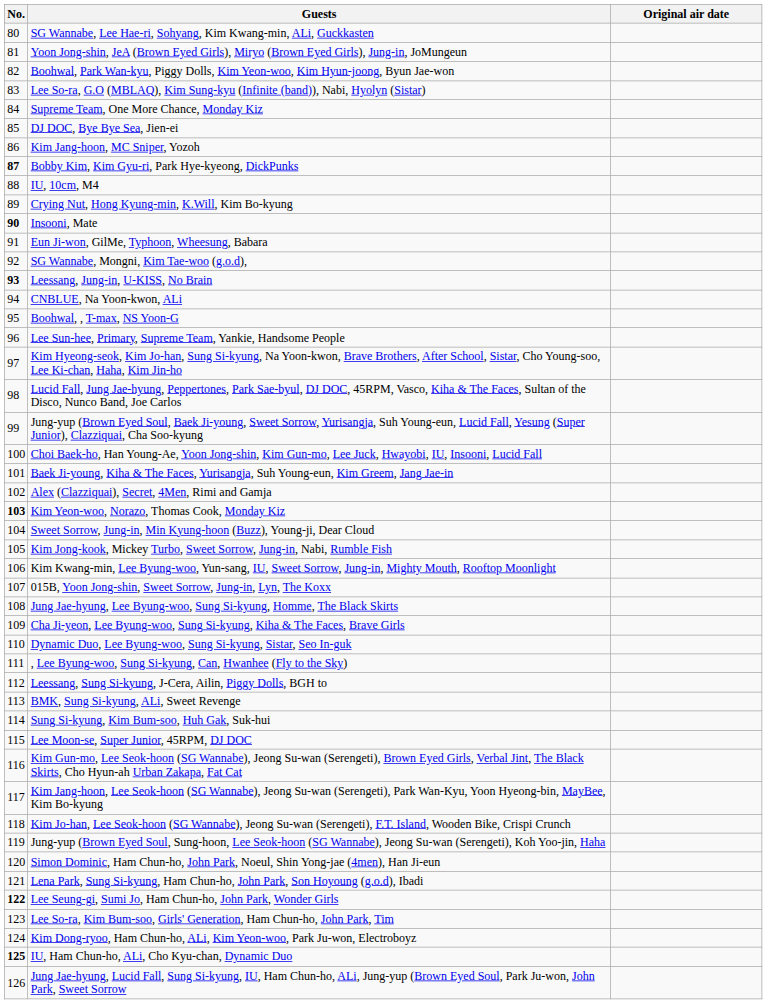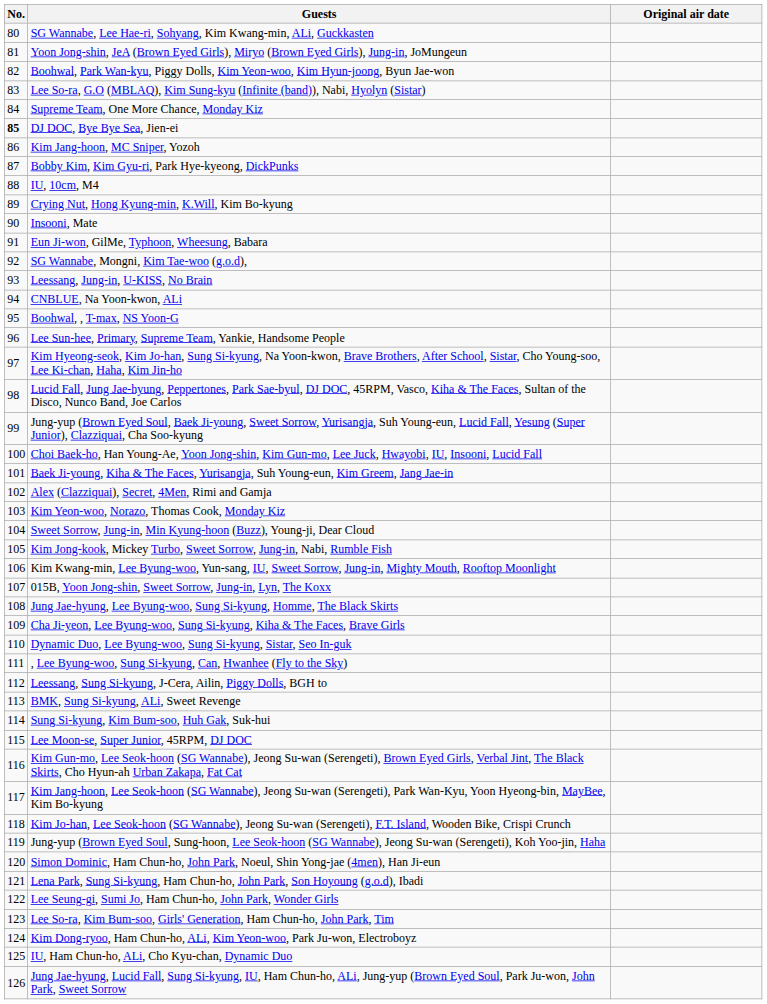 <table class="wikitable" style="width:80%; style="text-align:center" margin:auto; background:#FFFFFF;">
 <tr>
 <th>No.</th>
 <th>Guests</th>
 <th width="20%">Original air date</th>
 </tr>
 <tr>
 <td>80</td>
 <td><a href='#'>SG Wannabe</a>, <a href='#'>Lee Hae-ri</a>, <a href='#'>Sohyang</a>, Kim Kwang-min, <a href='#'>ALi</a>, <a href='#'>Guckkasten</a></td>
 <td></td>
 </tr>
 <tr>
 <td>81</td>
 <td><a href='#'>Yoon Jong-shin</a>, <a href='#'>JeA</a> (<a href='#'>Brown Eyed Girls</a>), <a href='#'>Miryo</a> (<a href='#'>Brown Eyed Girls</a>), <a href='#'>Jung-in</a>, JoMungeun</td>
 <td></td>
 </tr>
 <tr>
 <td>82</td>
 <td><a href='#'>Boohwal</a>, <a href='#'>Park Wan-kyu</a>, Piggy Dolls, <a href='#'>Kim Yeon-woo</a>, <a href='#'>Kim Hyun-joong</a>, Byun Jae-won</td>
 <td></td>
 </tr>
 <tr>
 <td>83</td>
 <td><a href='#'>Lee So-ra</a>, <a href='#'>G.O</a> (<a href='#'>MBLAQ</a>), <a href='#'>Kim Sung-kyu</a> (<a href='#'>Infinite (band)</a>), Nabi, <a href='#'>Hyolyn</a> (<a href='#'>Sistar</a>)</td>
 <td></td>
 </tr>
 <tr>
 <td>84</td>
 <td><a href='#'>Supreme Team</a>, One More Chance, <a href='#'>Monday Kiz</a></td>
 <td></td>
 </tr>
 <tr>
-<td>85</td>
+<td><strong>85</strong></td>
 <td><a href='#'>DJ DOC</a>, <a href='#'>Bye Bye Sea</a>, Jien-ei</td>
 <td></td>
 </tr>
 <tr>
 <td>86</td>
 <td><a href='#'>Kim Jang-hoon</a>, <a href='#'>MC Sniper</a>, Yozoh</td>
 <td></td>
 </tr>
 <tr>
-<td><strong>87</strong></td>
+<td>87</td>
 <td><a href='#'>Bobby Kim</a>, <a href='#'>Kim Gyu-ri</a>, Park Hye-kyeong, <a href='#'>DickPunks</a></td>
 <td></td>
 </tr>
 <tr>
 <td>88</td>
 <td><a href='#'>IU</a>, <a href='#'>10cm</a>, M4</td>
 <td></td>
 </tr>
 <tr>
 <td>89</td>
 <td><a href='#'>Crying Nut</a>, <a href='#'>Hong Kyung-min</a>, <a href='#'>K.Will</a>, Kim Bo-kyung</td>
 <td></td>
 </tr>
 <tr>
-<td><strong>90</strong></td>
+<td>90</td>
 <td><a href='#'>Insooni</a>, Mate</td>
 <td></td>
 </tr>
 <tr>
 <td>91</td>
 <td><a href='#'>Eun Ji-won</a>, GilMe, <a href='#'>Typhoon</a>, <a href='#'>Wheesung</a>, Babara</td>
 <td></td>
 </tr>
 <tr>
 <td>92</td>
 <td><a href='#'>SG Wannabe</a>, Mongni, <a href='#'>Kim Tae-woo</a> (<a href='#'>g.o.d</a>),</td>
 <td></td>
 </tr>
 <tr>
-<td><strong>93</strong></td>
+<td>93</td>
 <td><a href='#'>Leessang</a>, <a href='#'>Jung-in</a>, <a href='#'>U-KISS</a>, <a href='#'>No Brain</a></td>
 <td></td>
 </tr>
 <tr>
 <td>94</td>
 <td><a href='#'>CNBLUE</a>, Na Yoon-kwon, <a href='#'>ALi</a></td>
 <td></td>
 </tr>
 <tr>
 <td>95</td>
 <td><a href='#'>Boohwal</a>, , <a href='#'>T-max</a>, <a href='#'>NS Yoon-G</a></td>
 <td></td>
 </tr>
 <tr>
 <td>96</td>
 <td><a href='#'>Lee Sun-hee</a>, <a href='#'>Primary</a>, <a href='#'>Supreme Team</a>, Yankie, Handsome People</td>
 <td></td>
 </tr>
 <tr>
 <td>97</td>
 <td><a href='#'>Kim Hyeong-seok</a>, <a href='#'>Kim Jo-han</a>, <a href='#'>Sung Si-kyung</a>, Na Yoon-kwon, <a href='#'>Brave Brothers</a>, <a href='#'>After School</a>, <a href='#'>Sistar</a>, Cho Young-soo, <a href='#'>Lee Ki-chan</a>, <a href='#'>Haha</a>, <a href='#'>Kim Jin-ho</a></td>
 <td></td>
 </tr>
 <tr>
 <td>98</td>
 <td><a href='#'>Lucid Fall</a>, <a href='#'>Jung Jae-hyung</a>, <a href='#'>Peppertones</a>, <a href='#'>Park Sae-byul</a>, <a href='#'>DJ DOC</a>, 45RPM, Vasco, <a href='#'>Kiha & The Faces</a>, Sultan of the Disco, Nunco Band, Joe Carlos</td>
 <td></td>
 </tr>
 <tr>
 <td>99</td>
 <td>Jung-yup (<a href='#'>Brown Eyed Soul</a>, <a href='#'>Baek Ji-young</a>, <a href='#'>Sweet Sorrow</a>, <a href='#'>Yurisangja</a>, Suh Young-eun, <a href='#'>Lucid Fall</a>, <a href='#'>Yesung</a> (<a href='#'>Super Junior</a>), <a href='#'>Clazziquai</a>, Cha Soo-kyung</td>
 <td></td>
 </tr>
 <tr>
 <td>100</td>
 <td><a href='#'>Choi Baek-ho</a>, Han Young-Ae, <a href='#'>Yoon Jong-shin</a>, <a href='#'>Kim Gun-mo</a>, <a href='#'>Lee Juck</a>, <a href='#'>Hwayobi</a>, <a href='#'>IU</a>, <a href='#'>Insooni</a>, <a href='#'>Lucid Fall</a></td>
 <td></td>
 </tr>
 <tr>
 <td>101</td>
 <td><a href='#'>Baek Ji-young</a>, <a href='#'>Kiha & The Faces</a>, <a href='#'>Yurisangja</a>, Suh Young-eun, <a href='#'>Kim Greem</a>, <a href='#'>Jang Jae-in</a></td>
 <td></td>
 </tr>
 <tr>
 <td>102</td>
 <td><a href='#'>Alex</a> (<a href='#'>Clazziquai</a>), <a href='#'>Secret</a>, <a href='#'>4Men</a>, Rimi and Gamja</td>
 <td></td>
 </tr>
 <tr>
-<td><strong>103</strong></td>
+<td>103</td>
 <td><a href='#'>Kim Yeon-woo</a>, <a href='#'>Norazo</a>, Thomas Cook, <a href='#'>Monday Kiz</a></td>
 <td></td>
 </tr>
 <tr>
 <td>104</td>
 <td><a href='#'>Sweet Sorrow</a>, <a href='#'>Jung-in</a>, <a href='#'>Min Kyung-hoon</a> (<a href='#'>Buzz</a>), Young-ji, Dear Cloud</td>
 <td></td>
 </tr>
 <tr>
 <td>105</td>
 <td><a href='#'>Kim Jong-kook</a>, Mickey <a href='#'>Turbo</a>, <a href='#'>Sweet Sorrow</a>, <a href='#'>Jung-in</a>, Nabi, <a href='#'>Rumble Fish</a></td>
 <td></td>
 </tr>
 <tr>
 <td>106</td>
 <td>Kim Kwang-min, <a href='#'>Lee Byung-woo</a>, Yun-sang, <a href='#'>IU</a>, <a href='#'>Sweet Sorrow</a>, <a href='#'>Jung-in</a>, <a href='#'>Mighty Mouth</a>, <a href='#'>Rooftop Moonlight</a></td>
 <td></td>
 </tr>
 <tr>
 <td>107</td>
 <td>015B, <a href='#'>Yoon Jong-shin</a>, <a href='#'>Sweet Sorrow</a>, <a href='#'>Jung-in</a>, <a href='#'>Lyn</a>, <a href='#'>The Koxx</a></td>
 <td></td>
 </tr>
 <tr>
 <td>108</td>
 <td><a href='#'>Jung Jae-hyung</a>, <a href='#'>Lee Byung-woo</a>, <a href='#'>Sung Si-kyung</a>, <a href='#'>Homme</a>, <a href='#'>The Black Skirts</a></td>
 <td></td>
 </tr>
 <tr>
 <td>109</td>
 <td><a href='#'>Cha Ji-yeon</a>, <a href='#'>Lee Byung-woo</a>, <a href='#'>Sung Si-kyung</a>, <a href='#'>Kiha & The Faces</a>, <a href='#'>Brave Girls</a></td>
 <td></td>
 </tr>
 <tr>
 <td>110</td>
 <td><a href='#'>Dynamic Duo</a>, <a href='#'>Lee Byung-woo</a>, <a href='#'>Sung Si-kyung</a>, <a href='#'>Sistar</a>, <a href='#'>Seo In-guk</a></td>
 <td></td>
 </tr>
 <tr>
 <td>111</td>
 <td>, <a href='#'>Lee Byung-woo</a>, <a href='#'>Sung Si-kyung</a>, <a href='#'>Can</a>, <a href='#'>Hwanhee</a> (<a href='#'>Fly to the Sky</a>)</td>
 <td></td>
 </tr>
 <tr>
 <td>112</td>
 <td><a href='#'>Leessang</a>, <a href='#'>Sung Si-kyung</a>, J-Cera, Ailin, <a href='#'>Piggy Dolls</a>, BGH to</td>
 <td></td>
 </tr>
 <tr>
 <td>113</td>
 <td><a href='#'>BMK</a>, <a href='#'>Sung Si-kyung</a>, <a href='#'>ALi</a>, Sweet Revenge</td>
 <td></td>
 </tr>
 <tr>
 <td>114</td>
 <td><a href='#'>Sung Si-kyung</a>, <a href='#'>Kim Bum-soo</a>, <a href='#'>Huh Gak</a>, Suk-hui</td>
 <td></td>
 </tr>
 <tr>
 <td>115</td>
 <td><a href='#'>Lee Moon-se</a>, <a href='#'>Super Junior</a>, 45RPM, <a href='#'>DJ DOC</a></td>
 <td></td>
 </tr>
 <tr>
 <td>116</td>
 <td><a href='#'>Kim Gun-mo</a>, <a href='#'>Lee Seok-hoon</a> (<a href='#'>SG Wannabe</a>), Jeong Su-wan (Serengeti), <a href='#'>Brown Eyed Girls</a>, <a href='#'>Verbal Jint</a>, <a href='#'>The Black Skirts</a>, Cho Hyun-ah <a href='#'>Urban Zakapa</a>, <a href='#'>Fat Cat</a></td>
 <td></td>
 </tr>
 <tr>
 <td>117</td>
 <td><a href='#'>Kim Jang-hoon</a>, <a href='#'>Lee Seok-hoon</a> (<a href='#'>SG Wannabe</a>), Jeong Su-wan (Serengeti), Park Wan-Kyu, Yoon Hyeong-bin, <a href='#'>MayBee</a>, Kim Bo-kyung</td>
 <td></td>
 </tr>
 <tr>
 <td>118</td>
 <td><a href='#'>Kim Jo-han</a>, <a href='#'>Lee Seok-hoon</a> (<a href='#'>SG Wannabe</a>), Jeong Su-wan (Serengeti), <a href='#'>F.T. Island</a>, Wooden Bike, Crispi Crunch</td>
 <td></td>
 </tr>
 <tr>
 <td>119</td>
 <td>Jung-yup (<a href='#'>Brown Eyed Soul</a>, Sung-hoon, <a href='#'>Lee Seok-hoon</a> (<a href='#'>SG Wannabe</a>), Jeong Su-wan (Serengeti), Koh Yoo-jin, <a href='#'>Haha</a></td>
 <td></td>
 </tr>
 <tr>
 <td>120</td>
 <td><a href='#'>Simon Dominic</a>, Ham Chun-ho, <a href='#'>John Park</a>, Noeul, Shin Yong-jae (<a href='#'>4men</a>), Han Ji-eun</td>
 <td></td>
 </tr>
 <tr>
 <td>121</td>
 <td><a href='#'>Lena Park</a>, <a href='#'>Sung Si-kyung</a>, Ham Chun-ho, <a href='#'>John Park</a>, <a href='#'>Son Hoyoung</a> (<a href='#'>g.o.d</a>), Ibadi</td>
 <td></td>
 </tr>
 <tr>
-<td><strong>122</strong></td>
+<td>122</td>
 <td><a href='#'>Lee Seung-gi</a>, <a href='#'>Sumi Jo</a>, Ham Chun-ho, <a href='#'>John Park</a>, <a href='#'>Wonder Girls</a></td>
 <td></td>
 </tr>
 <tr>
 <td>123</td>
 <td><a href='#'>Lee So-ra</a>, <a href='#'>Kim Bum-soo</a>, <a href='#'>Girls' Generation</a>, Ham Chun-ho, <a href='#'>John Park</a>, <a href='#'>Tim</a></td>
 <td></td>
 </tr>
 <tr>
 <td>124</td>
 <td><a href='#'>Kim Dong-ryoo</a>, Ham Chun-ho, <a href='#'>ALi</a>, <a href='#'>Kim Yeon-woo</a>, Park Ju-won, Electroboyz</td>
 <td></td>
 </tr>
 <tr>
-<td><strong>125</strong></td>
+<td>125</td>
 <td><a href='#'>IU</a>, Ham Chun-ho, <a href='#'>ALi</a>, Cho Kyu-chan, <a href='#'>Dynamic Duo</a></td>
 <td></td>
 </tr>
 <tr>
 <td>126</td>
 <td><a href='#'>Jung Jae-hyung</a>, <a href='#'>Lucid Fall</a>, <a href='#'>Sung Si-kyung</a>, <a href='#'>IU</a>, Ham Chun-ho, <a href='#'>ALi</a>, Jung-yup (<a href='#'>Brown Eyed Soul</a>, Park Ju-won, <a href='#'>John Park</a>, <a href='#'>Sweet Sorrow</a></td>
 <td></td>
 </tr>
 </table>
